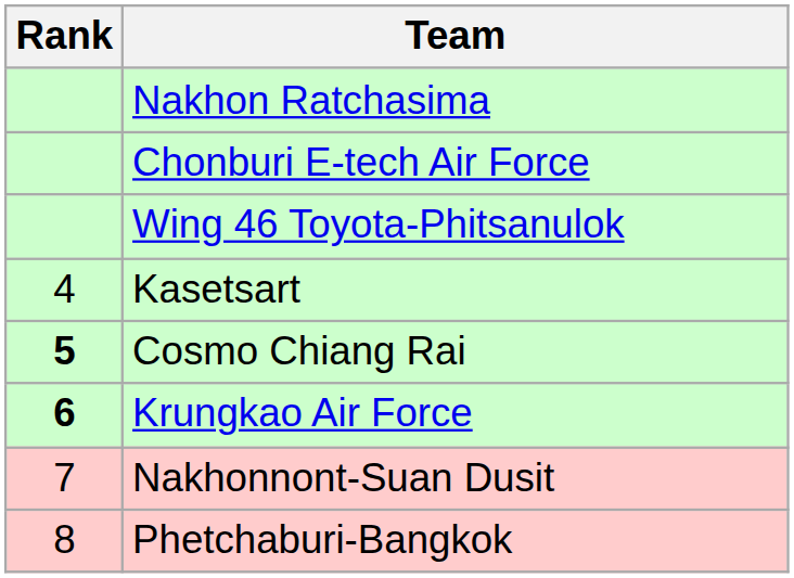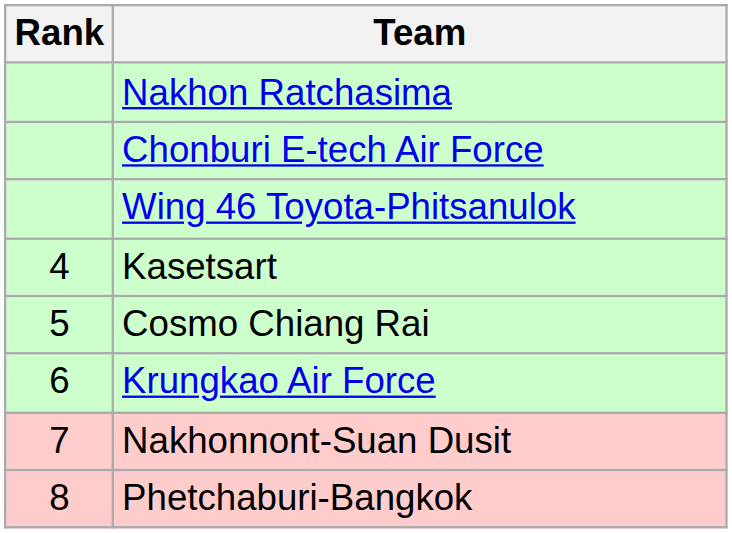 <table class="wikitable" style="text-align: center;">
 <tr>
 <th width=40>Rank</th>
 <th width=260>Team</th>
 </tr>
 <tr bgcolor=#CCFFCC>
 <td></td>
 <td align="left"><a href='#'>Nakhon Ratchasima</a></td>
 </tr>
 <tr bgcolor=#CCFFCC>
 <td></td>
 <td align="left"><a href='#'>Chonburi E-tech Air Force</a></td>
 </tr>
 <tr bgcolor=#CCFFCC>
 <td></td>
 <td align="left"><a href='#'>Wing 46 Toyota-Phitsanulok</a></td>
 </tr>
 <tr bgcolor=#CCFFCC>
 <td>4</td>
 <td align="left">Kasetsart</td>
 </tr>
 <tr bgcolor=#CCFFCC>
-<td><strong>5</strong></td>
+<td>5</td>
 <td align="left">Cosmo Chiang Rai</td>
 </tr>
 <tr bgcolor=#CCFFCC>
-<td><strong>6</strong></td>
+<td>6</td>
 <td align="left"><a href='#'>Krungkao Air Force</a></td>
 </tr>
 <tr bgcolor=#ffcccc>
 <td>7</td>
 <td align="left">Nakhonnont-Suan Dusit</td>
 </tr>
 <tr bgcolor=#ffcccc>
 <td>8</td>
 <td align="left">Phetchaburi-Bangkok</td>
 </tr>
 </table>
